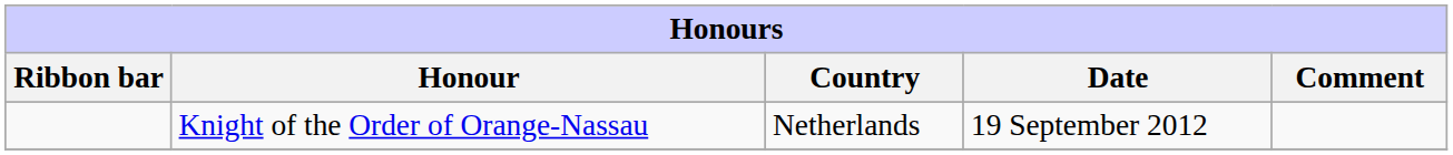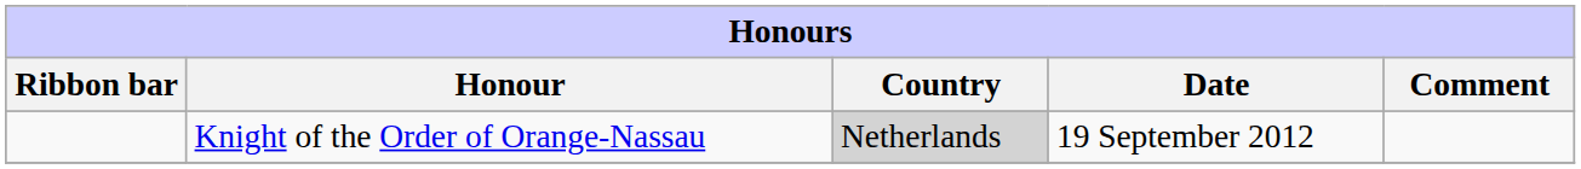 <table class="wikitable" style="width:60%;">
 <tr style="background:#ccf; text-align:center;">
 <td colspan=5><strong>Honours</strong></td>
 </tr>
 <tr>
 <th style="width:80px;">Ribbon bar</th>
 <th>Honour</th>
 <th>Country</th>
 <th>Date</th>
 <th>Comment</th>
 </tr>
 <tr>
 <td></td>
 <td><a href='#'>Knight</a> of the <a href='#'>Order of Orange-Nassau</a></td>
-<td>Netherlands</td>
+<td style="background: lightgrey;">Netherlands</td>
 <td>19 September 2012</td>
 <td></td>
 </tr>
 <tr>
 </tr>
 </table>
